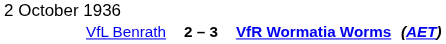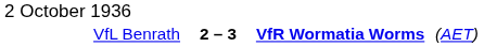 <table width=100% cellspacing=1>
 <tr>
 <th width=25%></th>
 <th width=10%></th>
 <th width=25%></th>
 <th></th>
 </tr>
 <tr>
 <td>2 October 1936</td>
 </tr>
 <tr style=font-size:90%>
 <td align=right><a href='#'>VfL Benrath</a></td>
 <td align=center><strong>2 – 3</strong></td>
 <td><strong><a href='#'>VfR Wormatia Worms</a></strong></td>
-<td><strong><em>(<a href='#'>AET</a>)</em></strong></td>
+<td><em>(<a href='#'>AET</a>)</em></td>
 </tr>
 </table>
